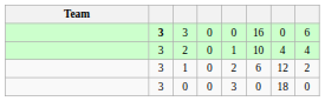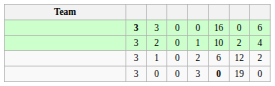 <table class="wikitable" style="text-align: center; font-size: 90%;">
 <tr>
 <th width=180>Team</th>
 <th width=25></th>
 <th width=25></th>
 <th width=25></th>
 <th width=25></th>
 <th width=25></th>
 <th width=25></th>
 <th width=25></th>
 </tr>
 <tr bgcolor=#ccffcc>
 <td align=left></td>
 <td><strong>3</strong></td>
 <td>3</td>
 <td>0</td>
 <td>0</td>
 <td>16</td>
 <td>0</td>
 <td>6</td>
 </tr>
 <tr bgcolor=#ccffcc>
 <td align=left></td>
 <td>3</td>
 <td>2</td>
 <td>0</td>
 <td>1</td>
 <td>10</td>
-<td>4</td>
+<td>2</td>
 <td>4</td>
 </tr>
 <tr>
 <td align=left></td>
 <td>3</td>
 <td>1</td>
 <td>0</td>
 <td>2</td>
 <td>6</td>
 <td>12</td>
 <td>2</td>
 </tr>
 <tr>
 <td align=left></td>
 <td>3</td>
 <td>0</td>
 <td>0</td>
 <td>3</td>
-<td>0</td>
-<td>18</td>
+<td><strong>0</strong></td>
+<td>19</td>
 <td>0</td>
 </tr>
 </table>
